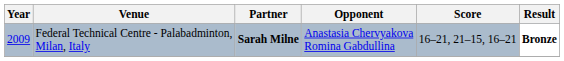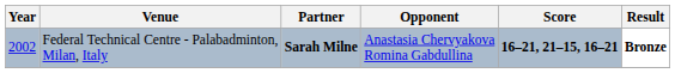 <table class="sortable wikitable" style="font-size: 90%;">
 <tr>
 <th>Year</th>
 <th>Venue</th>
 <th>Partner</th>
 <th>Opponent</th>
 <th>Score</th>
 <th>Result</th>
 </tr>
 <tr style="background:#AABBCC">
-<td align="center"><a href='#'>2009</a></td>
+<td align="center"><a href='#'>2002</a></td>
 <td align="left">Federal Technical Centre - Palabadminton,<br><a href='#'>Milan</a>, <a href='#'>Italy</a></td>
 <td align="left"><strong> Sarah Milne</strong></td>
 <td align="left"> <a href='#'>Anastasia Chervyakova</a><br> <a href='#'>Romina Gabdullina</a></td>
-<td align="center">16–21, 21–15, 16–21</td>
+<td align="center"><strong>16–21, 21–15, 16–21</strong></td>
 <td style="text-align:left; background:white"> <strong>Bronze</strong></td>
 </tr>
 <tr>
 </tr>
 </table>
